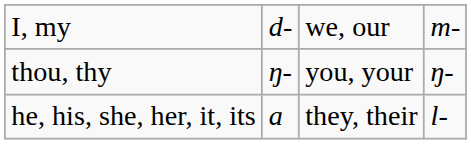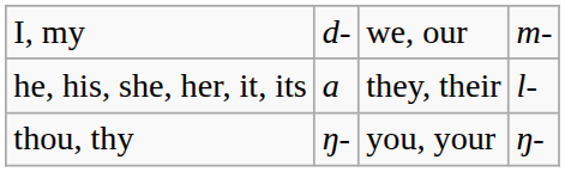 <table class="wikitable">
 <tr>
 <td>I, my</td>
 <td><em>d-</em></td>
 <td>we, our</td>
 <td><em>m-</em></td>
 </tr>
 <tr>
+<td>he, his, she, her, it, its</td>
+<td><em>a</em></td>
+<td>they, their</td>
+<td><em>l-</em></td>
+</tr>
+<tr>
 <td>thou, thy</td>
 <td><em>ŋ-</em></td>
 <td>you, your</td>
 <td><em>ŋ-</em></td>
 </tr>
-<tr>
-<td>he, his, she, her, it, its</td>
-<td><em>a</em></td>
-<td>they, their</td>
-<td><em>l-</em></td>
-</tr>
 </table>
